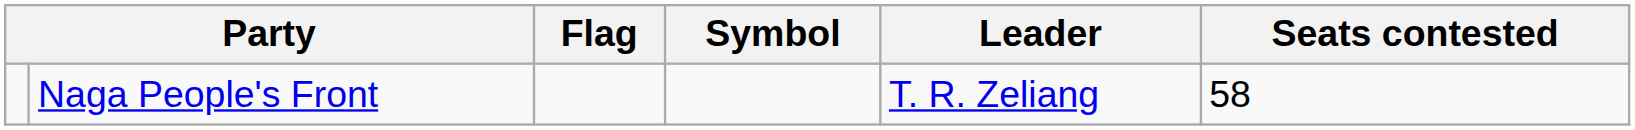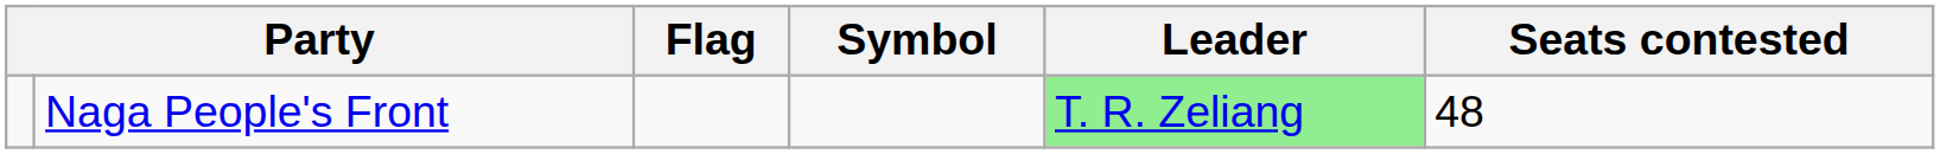 <table class="wikitable" width="55%">
 <tr>
 <th colspan="2">Party</th>
 <th>Flag</th>
 <th>Symbol</th>
 <th>Leader</th>
 <th>Seats contested</th>
 </tr>
 <tr>
 <td style="text-align:center; background:"></td>
 <td><a href='#'>Naga People's Front</a></td>
 <td></td>
 <td></td>
-<td><a href='#'>T. R. Zeliang</a></td>
-<td>58</td>
+<td style="background: lightgreen;"><a href='#'>T. R. Zeliang</a></td>
+<td>48</td>
 </tr>
 </table>
